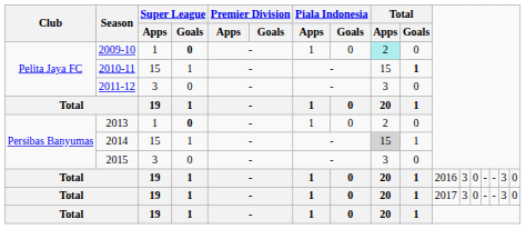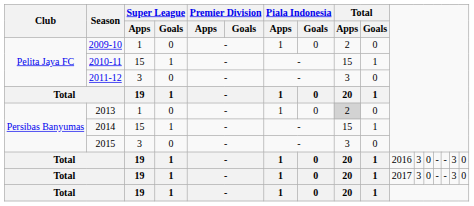 <table class="wikitable" style="font-size:90%; text-align:center;">
 <tr>
 <th rowspan="2">Club</th>
 <th rowspan="2">Season</th>
 <th colspan="2"><a href='#'>Super League</a></th>
 <th colspan="2"><a href='#'>Premier Division</a></th>
 <th colspan="2"><a href='#'>Piala Indonesia</a></th>
 <th colspan="2">Total</th>
 </tr>
 <tr>
 <th>Apps</th>
 <th>Goals</th>
 <th>Apps</th>
 <th>Goals</th>
 <th>Apps</th>
 <th>Goals</th>
 <th>Apps</th>
 <th>Goals</th>
 </tr>
 <tr>
 <td rowspan="3"><a href='#'>Pelita Jaya FC</a></td>
 <td><a href='#'>2009-10</a></td>
 <td>1</td>
-<td><strong>0</strong></td>
+<td>0</td>
 <td colspan="2">-</td>
 <td>1</td>
 <td>0</td>
-<td style="background: paleturquoise;">2</td>
+<td>2</td>
 <td>0</td>
 </tr>
 <tr>
 <td><a href='#'>2010-11</a></td>
 <td>15</td>
 <td>1</td>
 <td colspan="2">-</td>
 <td colspan="2">-</td>
 <td>15</td>
-<td><strong>1</strong></td>
+<td>1</td>
 </tr>
 <tr>
 <td><a href='#'>2011-12</a></td>
 <td>3</td>
 <td>0</td>
 <td colspan="2">-</td>
 <td colspan="2">-</td>
 <td>3</td>
 <td>0</td>
 </tr>
 <tr>
 <th colspan="2">Total</th>
 <th>19</th>
 <th>1</th>
 <th colspan="2">-</th>
 <th>1</th>
 <th>0</th>
 <th>20</th>
 <th>1</th>
 </tr>
 <tr>
 <td rowspan="3"><a href='#'>Persibas Banyumas</a></td>
 <td>2013</td>
 <td>1</td>
-<td><strong>0</strong></td>
+<td>0</td>
 <td colspan="2">-</td>
 <td>1</td>
 <td>0</td>
-<td>2</td>
+<td style="background: lightgrey;">2</td>
 <td>0</td>
 </tr>
 <tr>
 <td>2014</td>
 <td>15</td>
 <td>1</td>
 <td colspan="2">-</td>
 <td colspan="2">-</td>
-<td style="background: lightgrey;">15</td>
+<td>15</td>
 <td>1</td>
 </tr>
 <tr>
 <td>2015</td>
 <td>3</td>
 <td>0</td>
 <td colspan="2">-</td>
 <td colspan="2">-</td>
 <td>3</td>
 <td>0</td>
 </tr>
 <tr>
 <th colspan="2">Total</th>
 <th>19</th>
 <th>1</th>
 <th colspan="2">-</th>
 <th>1</th>
 <th>0</th>
 <th>20</th>
 <th>1</th>
 <td>2016</td>
 <td>3</td>
 <td>0</td>
 <td colspan="2">-</td>
 <td colspan="2">-</td>
 <td>3</td>
 <td>0</td>
 </tr>
 <tr>
 <th colspan="2">Total</th>
 <th>19</th>
 <th>1</th>
 <th colspan="2">-</th>
 <th>1</th>
 <th>0</th>
 <th>20</th>
 <th>1</th>
 <td>2017</td>
 <td>3</td>
 <td>0</td>
 <td colspan="2">-</td>
 <td colspan="2">-</td>
 <td>3</td>
 <td>0</td>
 </tr>
 <tr>
 <th colspan="2">Total</th>
 <th>19</th>
 <th>1</th>
 <th colspan="2">-</th>
 <th>1</th>
 <th>0</th>
 <th>20</th>
 <th>1</th>
 </tr>
 </table>
